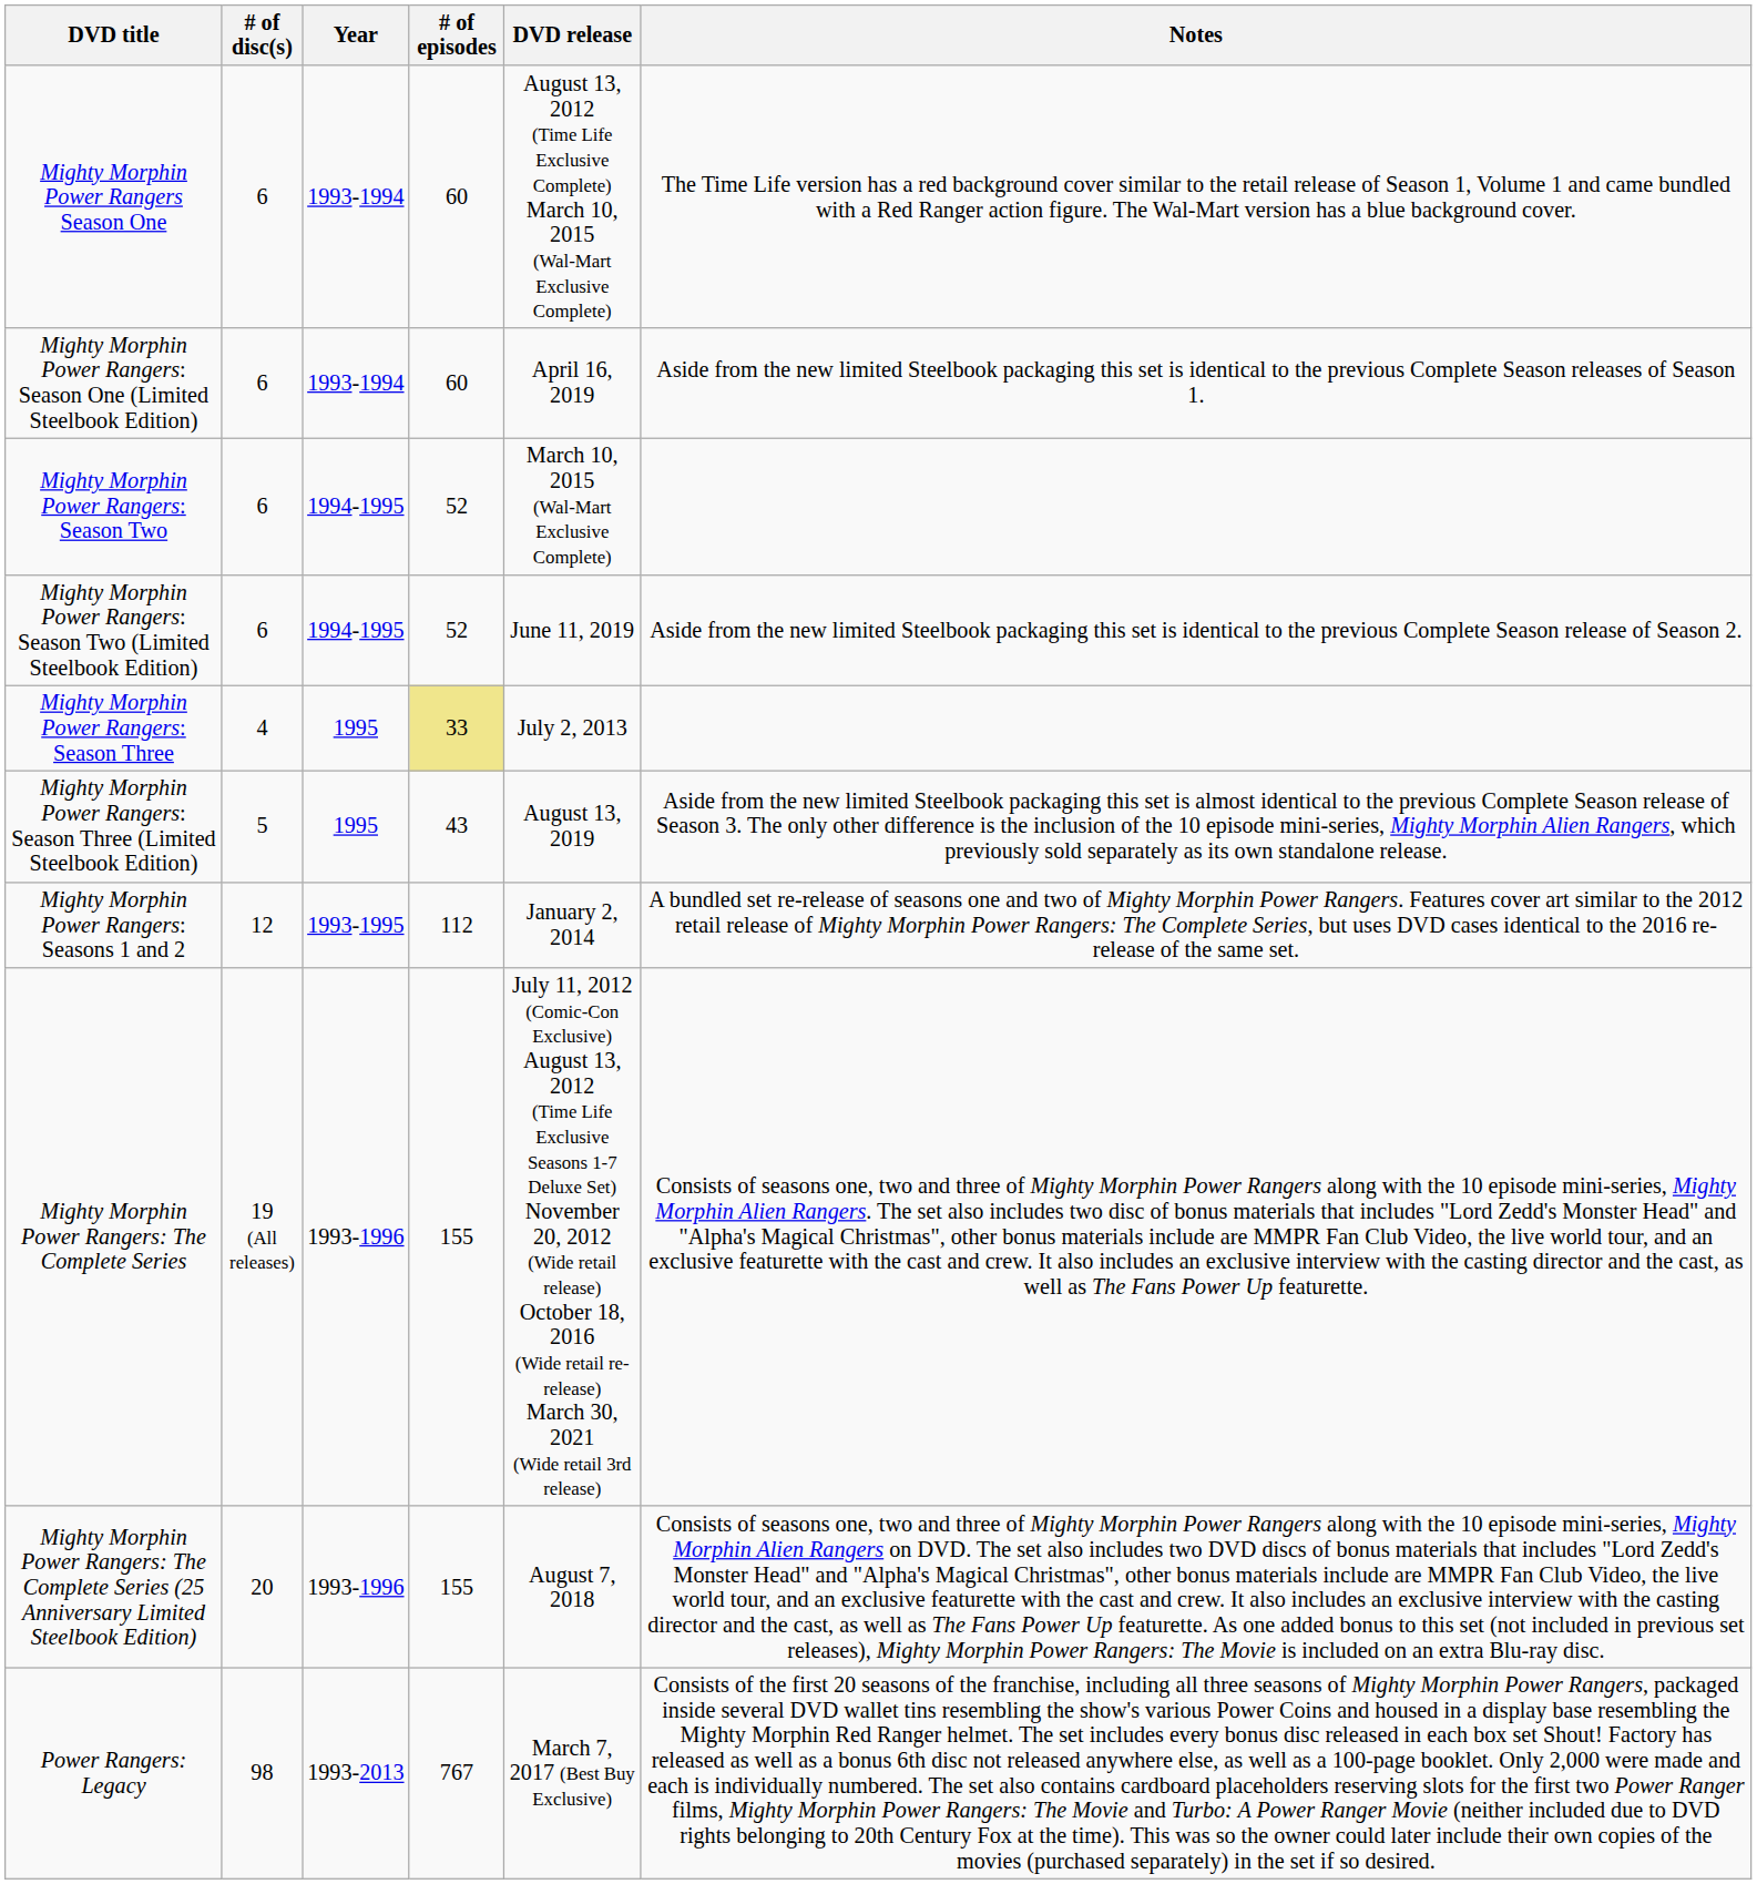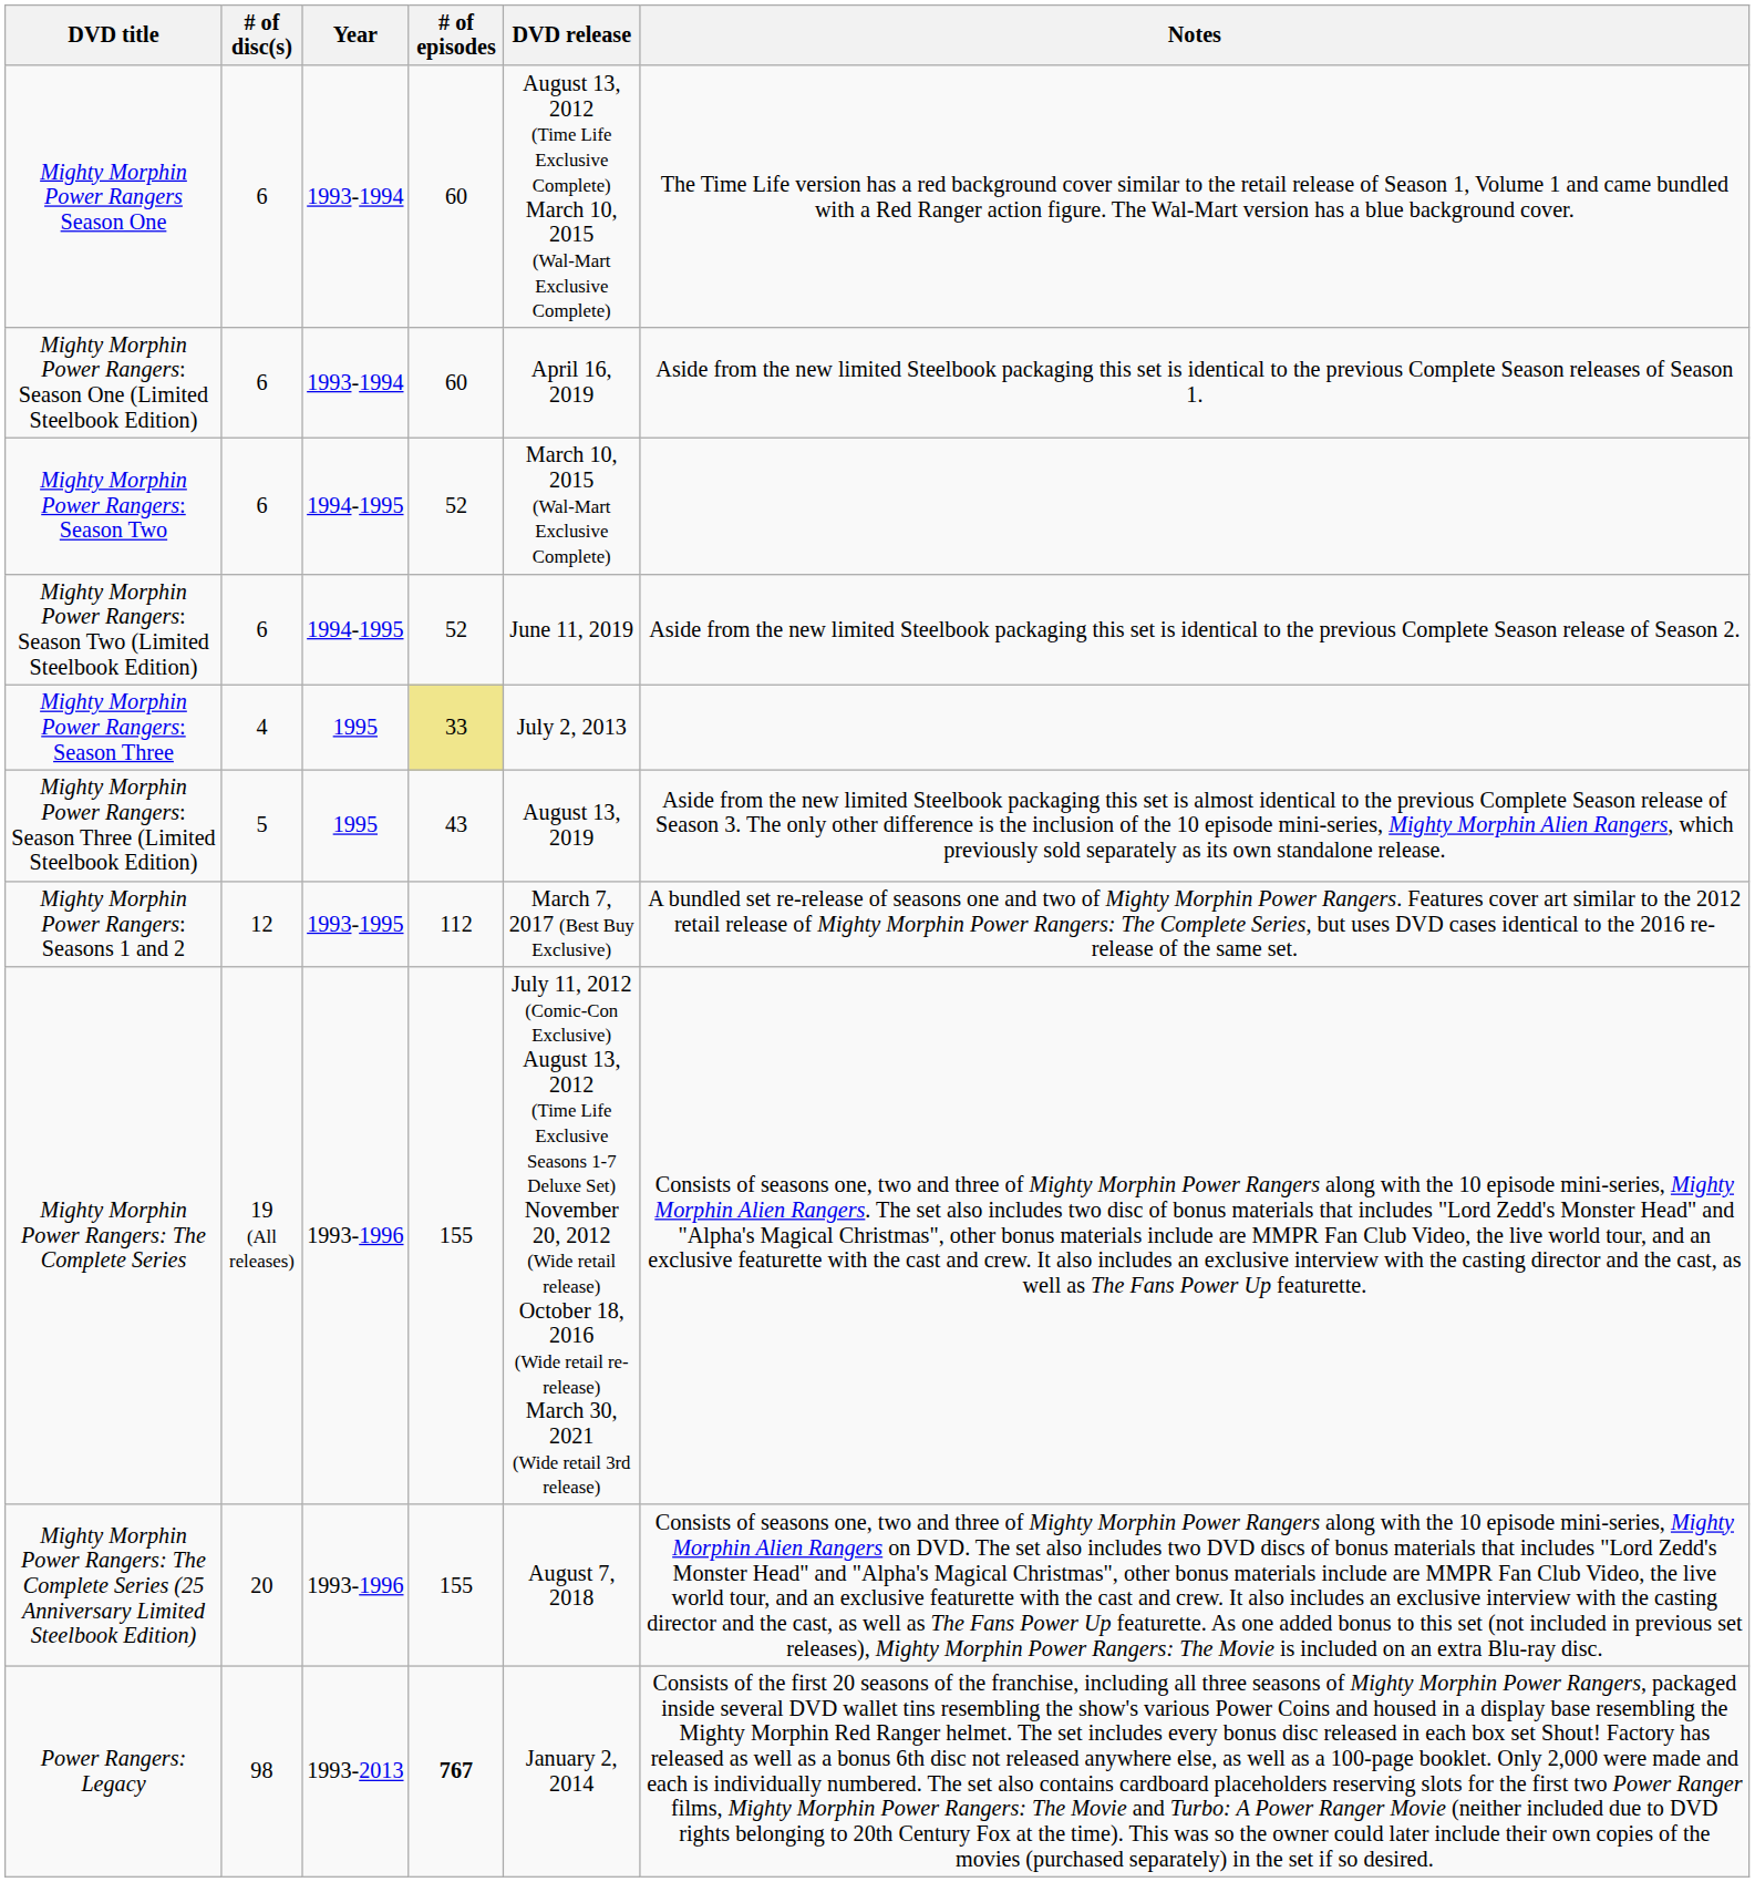 <table class="wikitable"  style="width:99%; left:0 auto; text-align:center;">
 <tr>
 <th>DVD title</th>
 <th># of disc(s)</th>
 <th>Year</th>
 <th># of episodes</th>
 <th>DVD release</th>
 <th>Notes</th>
 </tr>
 <tr>
 <td><a href='#'><em>Mighty Morphin Power Rangers</em> Season One</a></td>
 <td>6</td>
 <td><a href='#'>1993</a>-<a href='#'>1994</a></td>
 <td>60</td>
 <td>August 13, 2012<br><small>(Time Life Exclusive Complete)</small><br>March 10, 2015<br><small>(Wal-Mart Exclusive Complete)</small></td>
 <td>The Time Life version has a red background cover similar to the retail release of Season 1, Volume 1 and came bundled with a Red Ranger action figure. The Wal-Mart version has a blue background cover.</td>
 </tr>
 <tr>
 <td><em>Mighty Morphin Power Rangers</em>: Season One (Limited Steelbook Edition)</td>
 <td>6</td>
 <td><a href='#'>1993</a>-<a href='#'>1994</a></td>
 <td>60</td>
 <td>April 16, 2019</td>
 <td>Aside from the new limited Steelbook packaging this set is identical to the previous Complete Season releases of Season 1.</td>
 </tr>
 <tr>
 <td><a href='#'><em>Mighty Morphin Power Rangers</em>: Season Two</a></td>
 <td>6</td>
 <td><a href='#'>1994</a>-<a href='#'>1995</a></td>
 <td>52</td>
 <td>March 10, 2015<br><small>(Wal-Mart Exclusive Complete)</small></td>
 <td></td>
 </tr>
 <tr>
 <td><em>Mighty Morphin Power Rangers</em>: Season Two (Limited Steelbook Edition)</td>
 <td>6</td>
 <td><a href='#'>1994</a>-<a href='#'>1995</a></td>
 <td>52</td>
 <td>June 11, 2019</td>
 <td>Aside from the new limited Steelbook packaging this set is identical to the previous Complete Season release of Season 2.</td>
 </tr>
 <tr>
 <td><a href='#'><em>Mighty Morphin Power Rangers</em>: Season Three</a></td>
 <td>4</td>
 <td><a href='#'>1995</a></td>
 <td style="background: khaki;">33</td>
 <td>July 2, 2013</td>
 <td></td>
 </tr>
 <tr>
 <td><em>Mighty Morphin Power Rangers</em>: Season Three (Limited Steelbook Edition)</td>
 <td>5</td>
 <td><a href='#'>1995</a></td>
 <td>43</td>
 <td>August 13, 2019</td>
 <td>Aside from the new limited Steelbook packaging this set is almost identical to the previous Complete Season release of Season 3. The only other difference is the inclusion of the 10 episode mini-series, <em><a href='#'>Mighty Morphin Alien Rangers</a></em>, which previously sold separately as its own standalone release.</td>
 </tr>
 <tr>
 <td><em>Mighty Morphin Power Rangers</em>: Seasons 1 and 2</td>
 <td>12</td>
 <td><a href='#'>1993</a>-<a href='#'>1995</a></td>
 <td>112</td>
-<td>January 2, 2014</td>
+<td>March 7, 2017 <small>(Best Buy Exclusive)</small></td>
 <td>A bundled set re-release of seasons one and two of <em>Mighty Morphin Power Rangers</em>. Features cover art similar to the 2012 retail release of <em>Mighty Morphin Power Rangers: The Complete Series</em>, but uses DVD cases identical to the 2016 re-release of the same set.</td>
 </tr>
 <tr>
 <td><em>Mighty Morphin Power Rangers: The Complete Series</em></td>
 <td>19<br><small>(All releases)</small></td>
 <td>1993-<a href='#'>1996</a></td>
 <td>155</td>
 <td>July 11, 2012<br><small>(Comic-Con Exclusive)</small><br>August 13, 2012<br><small>(Time Life Exclusive Seasons 1-7 Deluxe Set)</small><br>November 20, 2012<br><small>(Wide retail release)</small><br>October 18, 2016<br><small>(Wide retail re-release)</small><br>March 30, 2021<br><small>(Wide retail 3rd release)</small></td>
 <td>Consists of seasons one, two and three of <em>Mighty Morphin Power Rangers</em> along with the 10 episode mini-series, <em><a href='#'>Mighty Morphin Alien Rangers</a></em>. The set also includes two disc of bonus materials that includes "Lord Zedd's Monster Head" and "Alpha's Magical Christmas", other bonus materials include are MMPR Fan Club Video, the live world tour, and an exclusive featurette with the cast and crew. It also includes an exclusive interview with the casting director and the cast, as well as <em>The Fans Power Up</em> featurette.<br></td>
 </tr>
 <tr>
 <td><em>Mighty Morphin Power Rangers: The Complete Series (25 Anniversary Limited Steelbook Edition)</em></td>
 <td>20</td>
 <td>1993-<a href='#'>1996</a></td>
 <td>155</td>
 <td>August 7, 2018</td>
 <td>Consists of seasons one, two and three of <em>Mighty Morphin Power Rangers</em> along with the 10 episode mini-series, <em><a href='#'>Mighty Morphin Alien Rangers</a></em> on DVD. The set also includes two DVD discs of bonus materials that includes "Lord Zedd's Monster Head" and "Alpha's Magical Christmas", other bonus materials include are MMPR Fan Club Video, the live world tour, and an exclusive featurette with the cast and crew. It also includes an exclusive interview with the casting director and the cast, as well as <em>The Fans Power Up</em> featurette. As one added bonus to this set (not included in previous set releases), <em>Mighty Morphin Power Rangers: The Movie</em> is included on an extra Blu-ray disc.<br></td>
 </tr>
 <tr>
 <td><em>Power Rangers: Legacy</em></td>
 <td>98</td>
 <td>1993-<a href='#'>2013</a></td>
-<td>767</td>
-<td>March 7, 2017 <small>(Best Buy Exclusive)</small></td>
+<td><strong>767</strong></td>
+<td>January 2, 2014</td>
 <td>Consists of the first 20 seasons of the franchise, including all three seasons of <em>Mighty Morphin Power Rangers</em>, packaged inside several DVD wallet tins resembling the show's various Power Coins and housed in a display base resembling the Mighty Morphin Red Ranger helmet. The set includes every bonus disc released in each box set Shout! Factory has released as well as a bonus 6th disc not released anywhere else, as well as a 100-page booklet. Only 2,000 were made and each is individually numbered. The set also contains cardboard placeholders reserving slots for the first two <em>Power Ranger</em> films, <em>Mighty Morphin Power Rangers: The Movie</em> and <em>Turbo: A Power Ranger Movie</em> (neither included due to DVD rights belonging to 20th Century Fox at the time). This was so the owner could later include their own copies of the movies (purchased separately) in the set if so desired.<br></td>
 </tr>
 </table>
